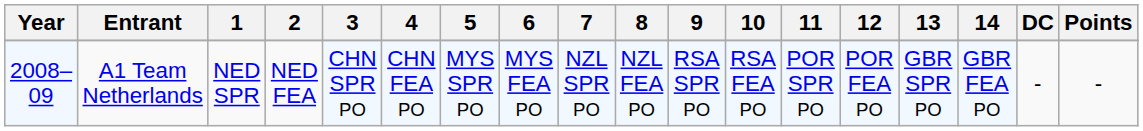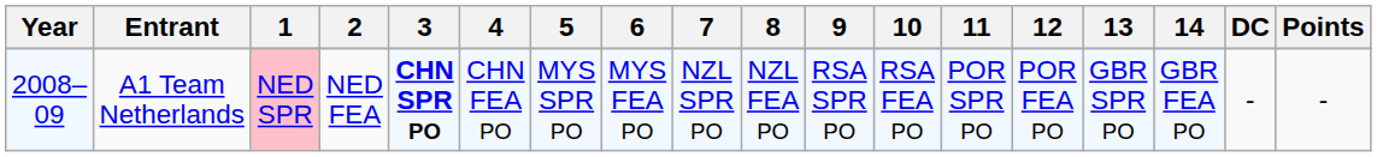 <table class="wikitable" style="text-align:center; font-size:90%">
 <tr>
 <th>Year</th>
 <th>Entrant</th>
 <th>1</th>
 <th>2</th>
 <th>3</th>
 <th>4</th>
 <th>5</th>
 <th>6</th>
 <th>7</th>
 <th>8</th>
 <th>9</th>
 <th>10</th>
 <th>11</th>
 <th>12</th>
 <th>13</th>
 <th>14</th>
 <th>DC</th>
 <th>Points</th>
 </tr>
 <tr>
 </tr>
 <tr>
 <td style="background:#F1F8FF;"><a href='#'>2008–09</a></td>
 <td><a href='#'>A1 Team Netherlands</a></td>
-<td><a href='#'>NED<br>SPR</a></td>
+<td style="background: pink;"><a href='#'>NED<br>SPR</a></td>
 <td><a href='#'>NED<br>FEA</a></td>
-<td style="background:#F1F8FF;"><a href='#'>CHN<br>SPR</a><br><small>PO</small></td>
+<td style="background:#F1F8FF;"><strong><a href='#'>CHN<br>SPR</a><br><small>PO</small></strong></td>
 <td style="background:#F1F8FF;"><a href='#'>CHN<br>FEA</a><br><small>PO</small></td>
 <td style="background:#F1F8FF;"><a href='#'>MYS<br>SPR</a><br><small>PO</small></td>
 <td style="background:#F1F8FF;"><a href='#'>MYS<br>FEA</a><br><small>PO</small></td>
 <td style="background:#F1F8FF;"><a href='#'>NZL<br>SPR</a><br><small>PO</small></td>
 <td style="background:#F1F8FF;"><a href='#'>NZL<br>FEA</a><br><small>PO</small></td>
 <td style="background:#F1F8FF;"><a href='#'>RSA<br>SPR</a><br><small>PO</small></td>
 <td style="background:#F1F8FF;"><a href='#'>RSA<br>FEA</a><br><small>PO</small></td>
 <td style="background:#F1F8FF;"><a href='#'>POR<br>SPR</a><br><small>PO</small></td>
 <td style="background:#F1F8FF;"><a href='#'>POR<br>FEA</a><br><small>PO</small></td>
 <td style="background:#F1F8FF;"><a href='#'>GBR<br>SPR</a><br><small>PO</small></td>
 <td style="background:#F1F8FF;"><a href='#'>GBR<br>FEA</a><br><small>PO</small></td>
 <td>-</td>
 <td>-</td>
 </tr>
 </table>
